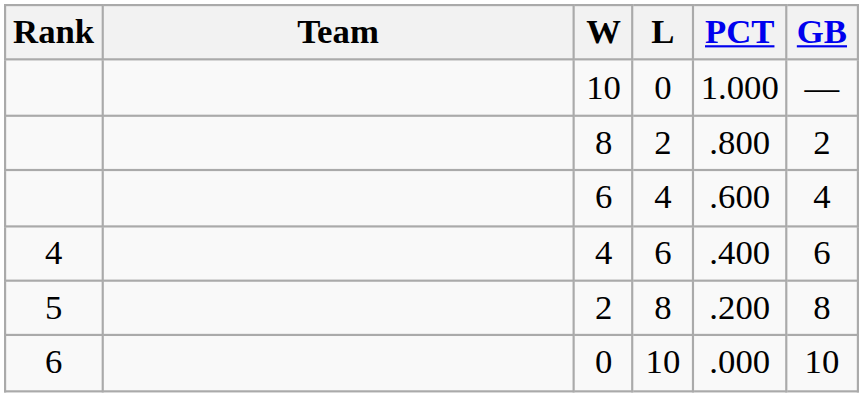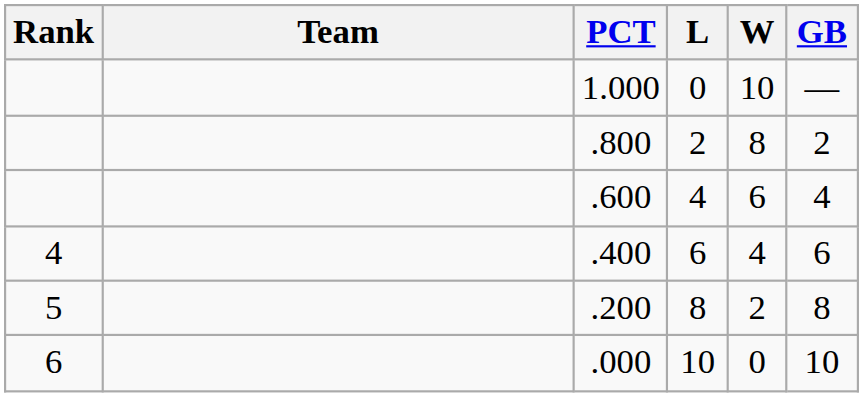 <table class=wikitable style="text-align:center;">
 <tr>
 <th>Rank</th>
 <th width=210px>Team</th>
+<th width=35px><a href='#'>PCT</a></th>
+<th width=20px>L</th>
 <th width=20px>W</th>
-<th width=20px>L</th>
-<th width=35px><a href='#'>PCT</a></th>
 <th width=25px><a href='#'>GB</a></th>
 </tr>
 <tr>
 <td></td>
 <td style="text-align:left"></td>
+<td>1.000</td>
+<td>0</td>
 <td>10</td>
-<td>0</td>
-<td>1.000</td>
 <td>—</td>
 </tr>
 <tr>
 <td></td>
 <td style="text-align:left"></td>
+<td>.800</td>
+<td>2</td>
 <td>8</td>
-<td>2</td>
-<td>.800</td>
 <td>2</td>
 </tr>
 <tr>
 <td></td>
 <td style="text-align:left"></td>
+<td>.600</td>
+<td>4</td>
 <td>6</td>
-<td>4</td>
-<td>.600</td>
 <td>4</td>
 </tr>
 <tr>
 <td>4</td>
 <td style="text-align:left"><strong></strong></td>
+<td>.400</td>
+<td>6</td>
 <td>4</td>
-<td>6</td>
-<td>.400</td>
 <td>6</td>
 </tr>
 <tr>
 <td>5</td>
 <td style="text-align:left"></td>
+<td>.200</td>
+<td>8</td>
 <td>2</td>
-<td>8</td>
-<td>.200</td>
 <td>8</td>
 </tr>
 <tr>
 <td>6</td>
 <td style="text-align:left"></td>
+<td>.000</td>
+<td>10</td>
 <td>0</td>
-<td>10</td>
-<td>.000</td>
 <td>10</td>
 </tr>
 </table>
